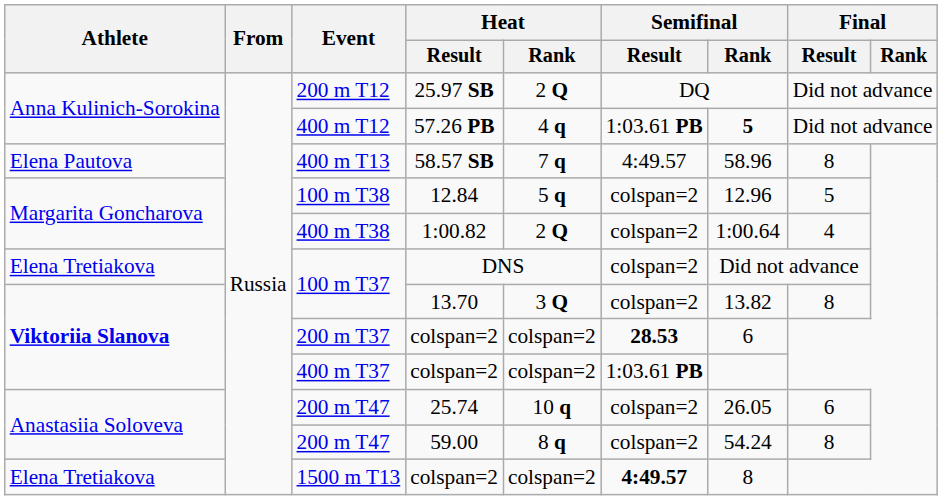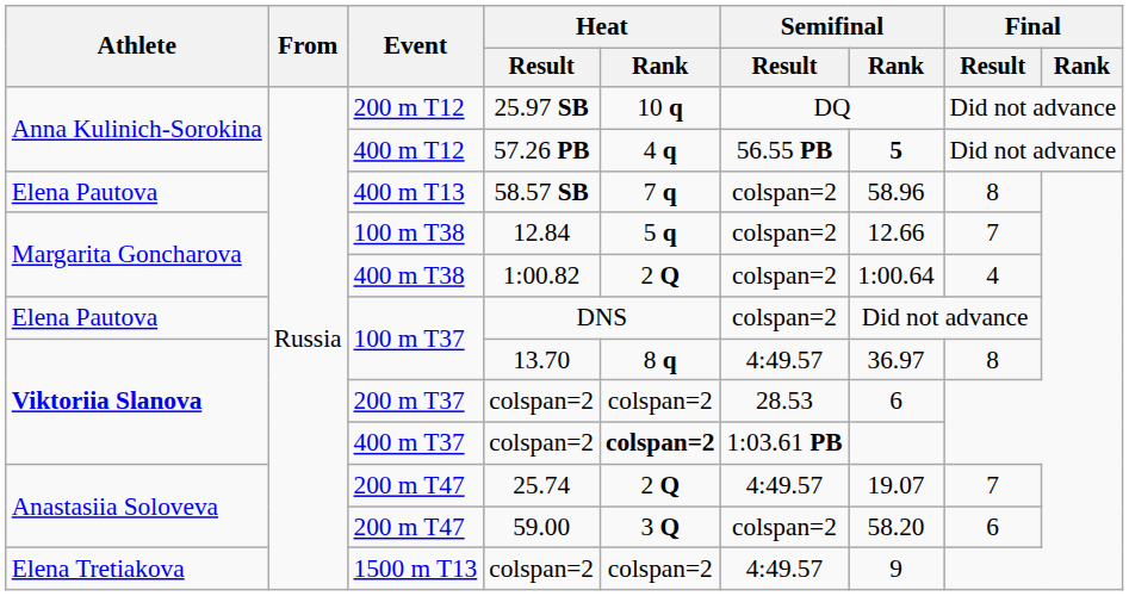 <table class="wikitable" style="font-size:90%; text-align:center">
 <tr>
 <th rowspan=2>Athlete</th>
 <th rowspan=2>From</th>
 <th rowspan=2>Event</th>
 <th colspan=2>Heat</th>
 <th colspan=2>Semifinal</th>
 <th colspan=2>Final</th>
 </tr>
 <tr style="font-size:95%">
 <th>Result</th>
 <th>Rank</th>
 <th>Result</th>
 <th>Rank</th>
 <th>Result</th>
 <th>Rank</th>
 </tr>
 <tr>
 <td rowspan=2 align=left><a href='#'>Anna Kulinich-Sorokina</a></td>
 <td rowspan=12>Russia</td>
 <td align=left><a href='#'>200 m T12</a></td>
 <td>25.97 <strong>SB</strong></td>
-<td>2 <strong>Q</strong></td>
+<td>10 <strong>q</strong></td>
 <td colspan="2">DQ</td>
 <td colspan="2">Did not advance</td>
 </tr>
 <tr>
 <td align=left><a href='#'>400 m T12</a></td>
 <td>57.26 <strong>PB</strong></td>
 <td>4 <strong>q</strong></td>
-<td>1:03.61 <strong>PB</strong></td>
+<td>56.55 <strong>PB</strong></td>
 <td><strong>5</strong></td>
 <td colspan=2>Did not advance</td>
 </tr>
 <tr>
 <td align=left><a href='#'>Elena Pautova</a></td>
 <td align=left><a href='#'>400 m T13</a></td>
 <td>58.57 <strong>SB</strong></td>
 <td>7 <strong>q</strong></td>
-<td>4:49.57</td>
+<td>colspan=2 </td>
 <td>58.96</td>
 <td>8</td>
 </tr>
 <tr>
 <td rowspan=2 align=left><a href='#'>Margarita Goncharova</a></td>
 <td align=left><a href='#'>100 m T38</a></td>
 <td>12.84</td>
 <td>5 <strong>q</strong></td>
 <td>colspan=2 </td>
-<td>12.96</td>
-<td>5</td>
+<td>12.66</td>
+<td>7</td>
 </tr>
 <tr>
 <td align=left><a href='#'>400 m T38</a></td>
 <td>1:00.82</td>
 <td>2 <strong>Q</strong></td>
 <td>colspan=2 </td>
 <td>1:00.64</td>
 <td>4</td>
 </tr>
 <tr>
-<td align=left><a href='#'>Elena Tretiakova</a></td>
+<td align=left><a href='#'>Elena Pautova</a></td>
 <td rowspan="2" align="left"><a href='#'>100 m T37</a></td>
 <td colspan="2">DNS</td>
 <td>colspan=2 </td>
 <td colspan="2">Did not advance</td>
 </tr>
 <tr>
 <td rowspan=3 align=left><strong><a href='#'>Viktoriia Slanova</a></strong></td>
 <td>13.70</td>
-<td>3 <strong>Q</strong></td>
-<td>colspan=2 </td>
-<td>13.82</td>
+<td>8 <strong>q</strong></td>
+<td>4:49.57</td>
+<td>36.97</td>
 <td>8</td>
 </tr>
 <tr>
 <td align=left><a href='#'>200 m T37</a></td>
 <td>colspan=2 </td>
 <td>colspan=2 </td>
-<td><strong>28.53</strong></td>
+<td>28.53</td>
 <td>6</td>
 </tr>
 <tr>
 <td align=left><a href='#'>400 m T37</a></td>
 <td>colspan=2 </td>
-<td>colspan=2 </td>
+<td><strong>colspan=2 </strong></td>
 <td>1:03.61 <strong>PB</strong></td>
 <td></td>
 </tr>
 <tr>
 <td rowspan=2 align=left><a href='#'>Anastasiia Soloveva</a></td>
 <td align=left><a href='#'>200 m T47</a></td>
 <td>25.74</td>
-<td>10 <strong>q</strong></td>
-<td>colspan=2 </td>
-<td>26.05</td>
-<td>6</td>
+<td>2 <strong>Q</strong></td>
+<td>4:49.57</td>
+<td>19.07</td>
+<td>7</td>
 </tr>
 <tr>
 <td align=left><a href='#'>200 m T47</a></td>
 <td>59.00</td>
-<td>8 <strong>q</strong></td>
+<td>3 <strong>Q</strong></td>
 <td>colspan=2 </td>
-<td>54.24</td>
-<td>8</td>
+<td>58.20</td>
+<td>6</td>
 </tr>
 <tr>
 <td align=left><a href='#'>Elena Tretiakova</a></td>
 <td align=left><a href='#'>1500 m T13</a></td>
 <td>colspan=2 </td>
 <td>colspan=2 </td>
-<td><strong>4:49.57</strong></td>
-<td>8</td>
+<td>4:49.57</td>
+<td>9</td>
 </tr>
 </table>
